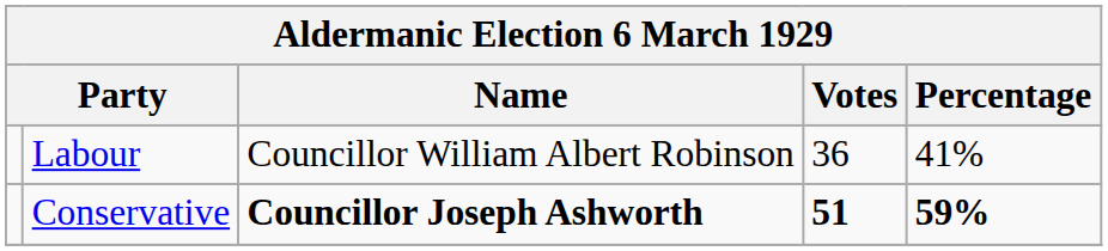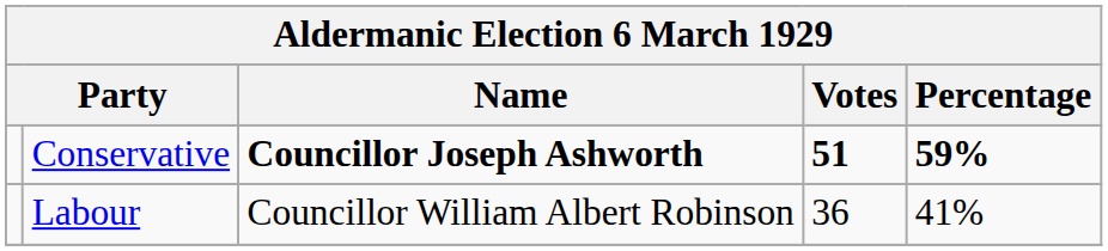 <table class="wikitable">
 <tr>
 <th colspan="5"><strong>Aldermanic Election 6 March 1929</strong></th>
 </tr>
 <tr>
 <th colspan="2">Party</th>
 <th>Name</th>
 <th>Votes</th>
 <th>Percentage</th>
 </tr>
 <tr>
 <td style="background-color:"></td>
+<td><a href='#'>Conservative</a></td>
+<td><strong>Councillor Joseph Ashworth</strong></td>
+<td><strong>51</strong></td>
+<td><strong>59%</strong></td>
+</tr>
+<tr>
+<td style="background-color:"></td>
 <td><a href='#'>Labour</a></td>
 <td>Councillor William Albert Robinson</td>
 <td>36</td>
 <td>41%</td>
 </tr>
 <tr>
-<td style="background-color:"></td>
-<td><a href='#'>Conservative</a></td>
-<td><strong>Councillor Joseph Ashworth</strong></td>
-<td><strong>51</strong></td>
-<td><strong>59%</strong></td>
-</tr>
-<tr>
 </tr>
 </table>
